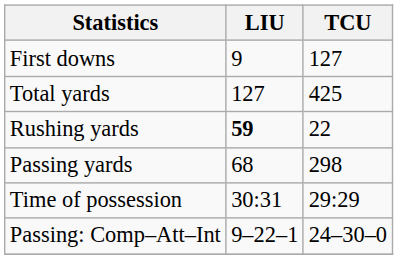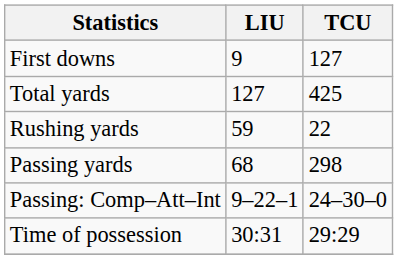 <table class="wikitable" style="float: left;">
 <tr>
 <th>Statistics</th>
 <th>LIU</th>
 <th>TCU</th>
 </tr>
 <tr>
 <td>First downs</td>
 <td>9</td>
 <td>127</td>
 </tr>
 <tr>
 <td>Total yards</td>
 <td>127</td>
 <td>425</td>
 </tr>
 <tr>
 <td>Rushing yards</td>
-<td><strong>59</strong></td>
+<td>59</td>
 <td>22</td>
 </tr>
 <tr>
 <td>Passing yards</td>
 <td>68</td>
 <td>298</td>
 </tr>
 <tr>
+<td>Passing: Comp–Att–Int</td>
+<td>9–22–1</td>
+<td>24–30–0</td>
+</tr>
+<tr>
 <td>Time of possession</td>
 <td>30:31</td>
 <td>29:29</td>
 </tr>
 <tr>
-<td>Passing: Comp–Att–Int</td>
-<td>9–22–1</td>
-<td>24–30–0</td>
-</tr>
-<tr>
 </tr>
 </table>
